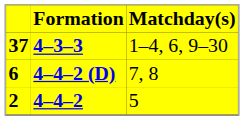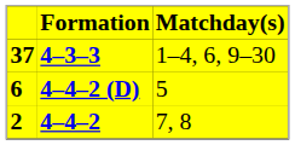 <table class="toccolours" border="0" cellpadding="2" cellspacing="0" align="center" style="margin: 0.5em 0 1em 1em; background: #000000; border: 1px #aaaaaa solid;">
 <tr bgcolor=#FFFF00>
 <th></th>
 <th>Formation</th>
 <th>Matchday(s)</th>
 </tr>
 <tr bgcolor=#FFFF00>
 <td><strong>37</strong></td>
 <td><a href='#'><span><strong>4–3–3</strong></span></a></td>
 <td>1–4, 6, 9–30</td>
 </tr>
 <tr bgcolor=#FFFF00>
 <td><strong>6</strong></td>
 <td><a href='#'><span><strong>4–4–2 (D)</strong></span></a></td>
-<td>7, 8</td>
+<td>5</td>
 </tr>
 <tr bgcolor=#FFFF00>
 <td><strong>2</strong></td>
 <td><a href='#'><span><strong>4–4–2</strong></span></a></td>
-<td>5</td>
+<td>7, 8</td>
 </tr>
 </table>
